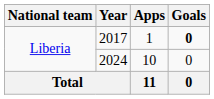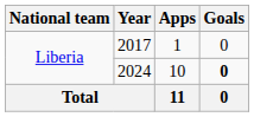 <table class=wikitable style=text-align:center>
 <tr>
 <th>National team</th>
 <th>Year</th>
 <th>Apps</th>
 <th>Goals</th>
 </tr>
 <tr>
 <td rowspan="2"><a href='#'>Liberia</a></td>
 <td>2017</td>
 <td>1</td>
-<td><strong>0</strong></td>
+<td>0</td>
 </tr>
 <tr>
 <td>2024</td>
 <td>10</td>
-<td>0</td>
+<td><strong>0</strong></td>
 </tr>
 <tr>
 <th colspan="2">Total</th>
 <th>11</th>
 <th>0</th>
 </tr>
 </table>
